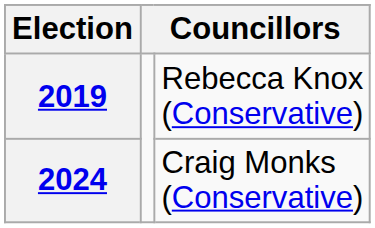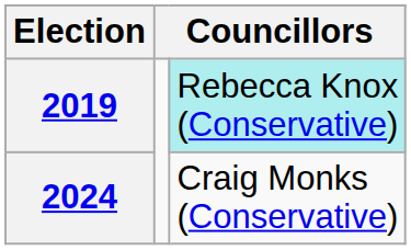 <table class="wikitable">
 <tr>
 <th>Election</th>
 <th colspan="2">Councillors</th>
 </tr>
 <tr>
 <th><a href='#'>2019</a></th>
 <td rowspan="5" style="background-color: "></td>
-<td>Rebecca Knox<br>(<a href='#'>Conservative</a>)</td>
+<td style="background: paleturquoise;">Rebecca Knox<br>(<a href='#'>Conservative</a>)</td>
 </tr>
 <tr>
 <th><a href='#'>2024</a></th>
 <td>Craig Monks<br>(<a href='#'>Conservative</a>)</td>
 </tr>
 </table>
